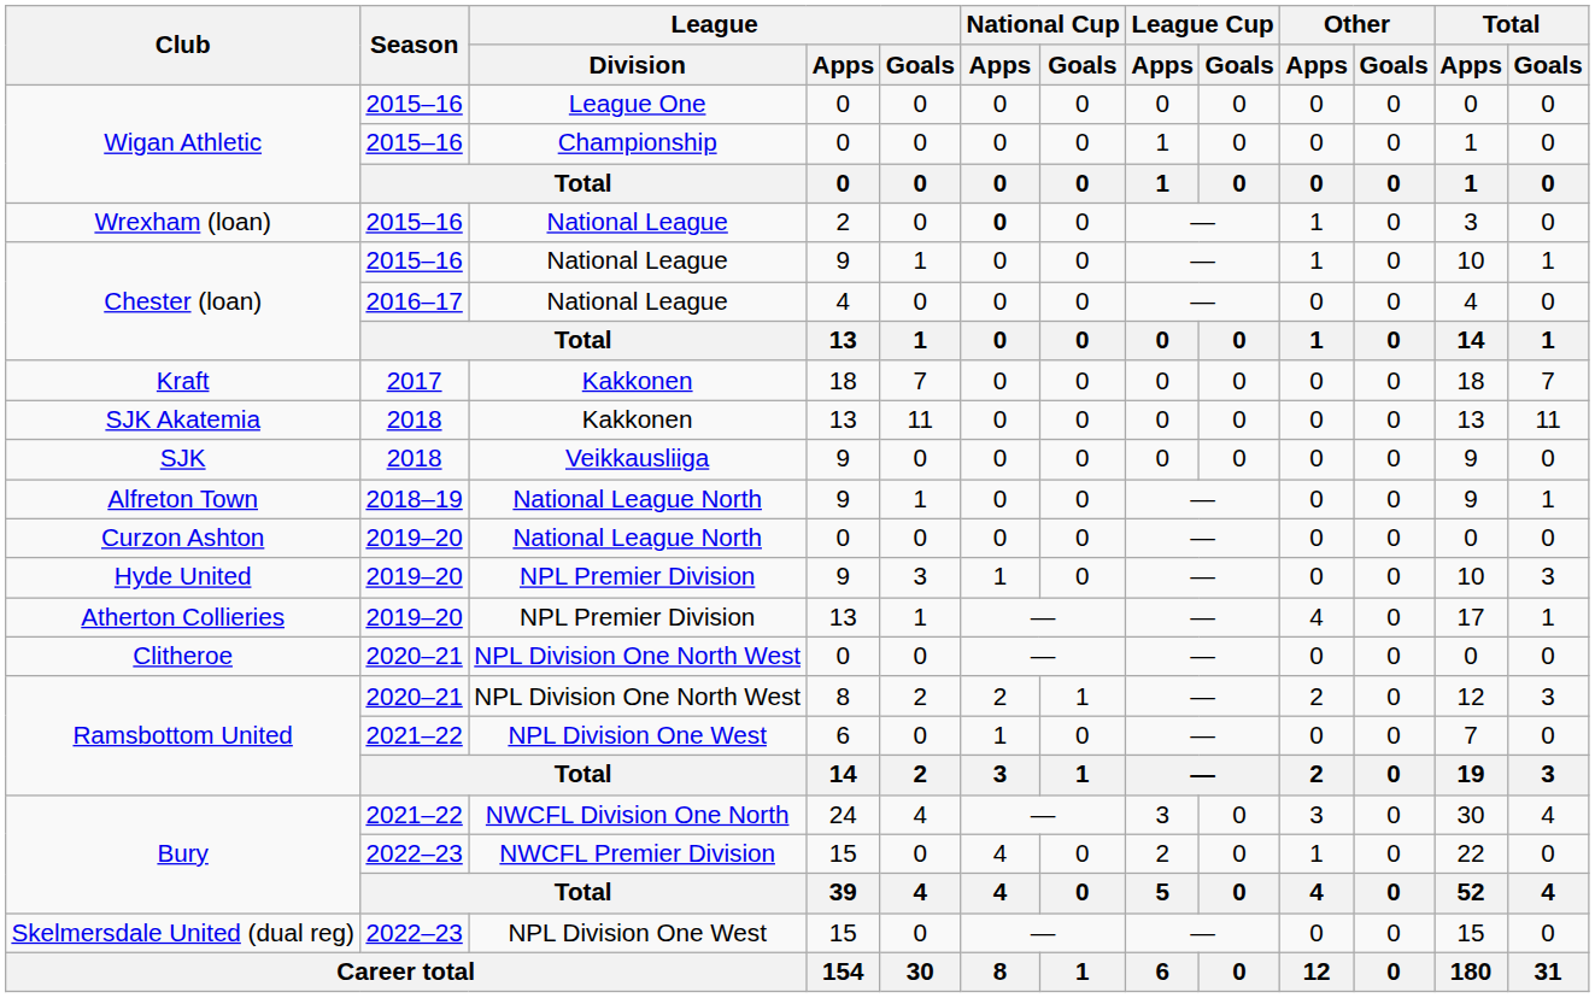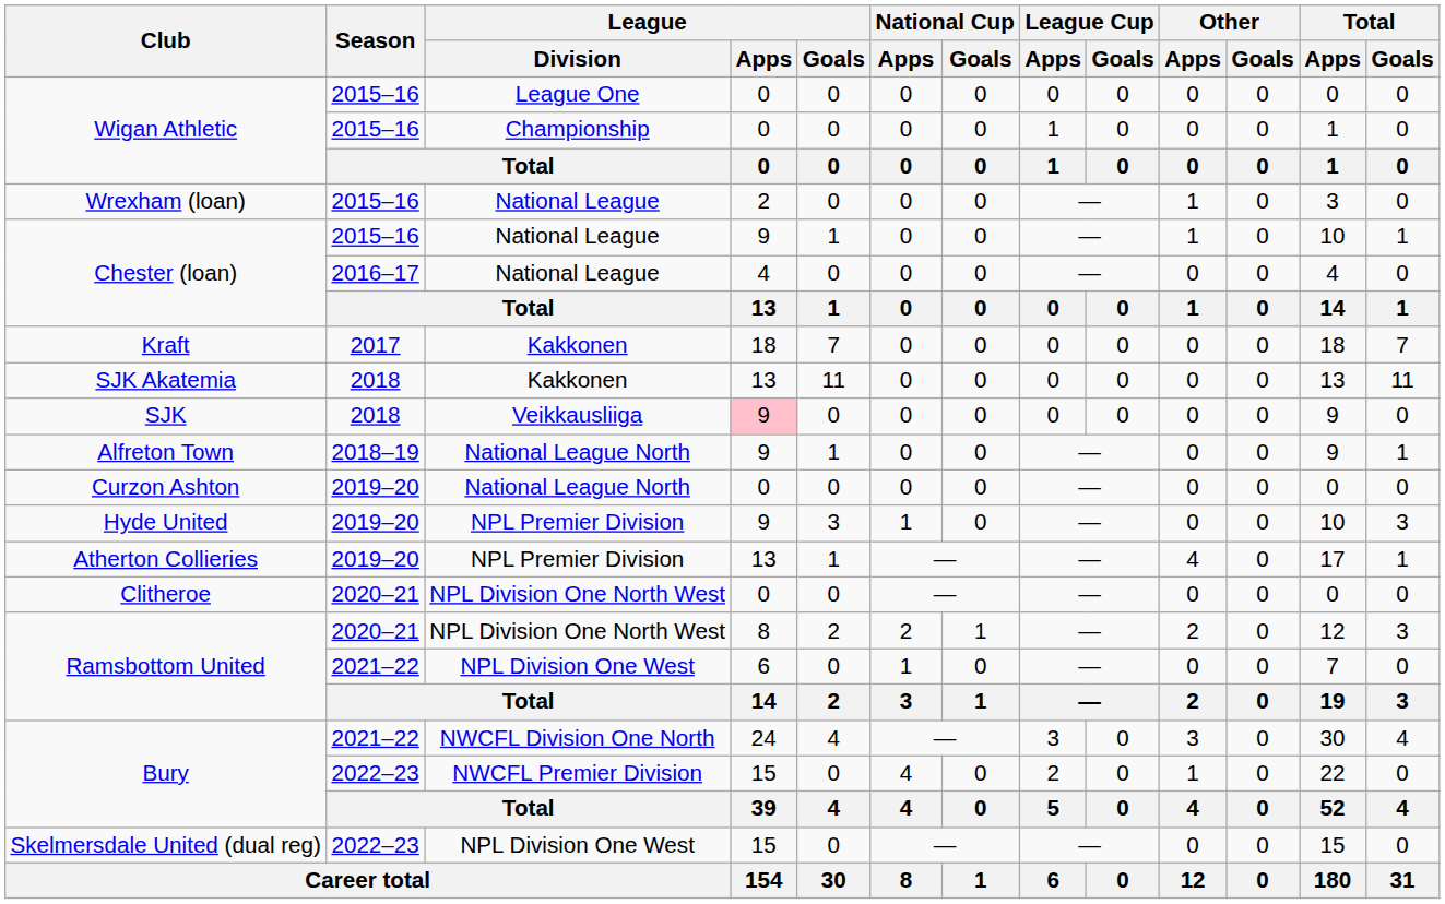 <table class="wikitable" style="text-align:center;">
 <tr>
 <th rowspan="2">Club</th>
 <th rowspan="2">Season</th>
 <th colspan="3">League</th>
 <th colspan="2">National Cup</th>
 <th colspan="2">League Cup</th>
 <th colspan="2">Other</th>
 <th colspan="2">Total</th>
 </tr>
 <tr>
 <th>Division</th>
 <th>Apps</th>
 <th>Goals</th>
 <th>Apps</th>
 <th>Goals</th>
 <th>Apps</th>
 <th>Goals</th>
 <th>Apps</th>
 <th>Goals</th>
 <th>Apps</th>
 <th>Goals</th>
 </tr>
 <tr>
 <td rowspan="3"><a href='#'>Wigan Athletic</a></td>
 <td><a href='#'>2015–16</a></td>
 <td><a href='#'>League One</a></td>
 <td>0</td>
 <td>0</td>
 <td>0</td>
 <td>0</td>
 <td>0</td>
 <td>0</td>
 <td>0</td>
 <td>0</td>
 <td>0</td>
 <td>0</td>
 </tr>
 <tr>
 <td><a href='#'>2015–16</a></td>
 <td><a href='#'>Championship</a></td>
 <td>0</td>
 <td>0</td>
 <td>0</td>
 <td>0</td>
 <td>1</td>
 <td>0</td>
 <td>0</td>
 <td>0</td>
 <td>1</td>
 <td>0</td>
 </tr>
 <tr>
 <th colspan=2>Total</th>
 <th>0</th>
 <th>0</th>
 <th>0</th>
 <th>0</th>
 <th>1</th>
 <th>0</th>
 <th>0</th>
 <th>0</th>
 <th>1</th>
 <th>0</th>
 </tr>
 <tr>
 <td><a href='#'>Wrexham</a> (loan)</td>
 <td><a href='#'>2015–16</a></td>
 <td><a href='#'>National League</a></td>
 <td>2</td>
 <td>0</td>
-<td><strong>0</strong></td>
+<td>0</td>
 <td>0</td>
 <td colspan="2">—</td>
 <td>1</td>
 <td>0</td>
 <td>3</td>
 <td>0</td>
 </tr>
 <tr>
 <td rowspan="3"><a href='#'>Chester</a> (loan)</td>
 <td><a href='#'>2015–16</a></td>
 <td>National League</td>
 <td>9</td>
 <td>1</td>
 <td>0</td>
 <td>0</td>
 <td colspan="2">—</td>
 <td>1</td>
 <td>0</td>
 <td>10</td>
 <td>1</td>
 </tr>
 <tr>
 <td><a href='#'>2016–17</a></td>
 <td>National League</td>
 <td>4</td>
 <td>0</td>
 <td>0</td>
 <td>0</td>
 <td colspan="2">—</td>
 <td>0</td>
 <td>0</td>
 <td>4</td>
 <td>0</td>
 </tr>
 <tr>
 <th colspan=2>Total</th>
 <th>13</th>
 <th>1</th>
 <th>0</th>
 <th>0</th>
 <th>0</th>
 <th>0</th>
 <th>1</th>
 <th>0</th>
 <th>14</th>
 <th>1</th>
 </tr>
 <tr>
 <td><a href='#'>Kraft</a></td>
 <td><a href='#'>2017</a></td>
 <td><a href='#'>Kakkonen</a></td>
 <td>18</td>
 <td>7</td>
 <td>0</td>
 <td>0</td>
 <td>0</td>
 <td>0</td>
 <td>0</td>
 <td>0</td>
 <td>18</td>
 <td>7</td>
 </tr>
 <tr>
 <td><a href='#'>SJK Akatemia</a></td>
 <td><a href='#'>2018</a></td>
 <td>Kakkonen</td>
 <td>13</td>
 <td>11</td>
 <td>0</td>
 <td>0</td>
 <td>0</td>
 <td>0</td>
 <td>0</td>
 <td>0</td>
 <td>13</td>
 <td>11</td>
 </tr>
 <tr>
 <td><a href='#'>SJK</a></td>
 <td><a href='#'>2018</a></td>
 <td><a href='#'>Veikkausliiga</a></td>
-<td>9</td>
+<td style="background: pink;">9</td>
 <td>0</td>
 <td>0</td>
 <td>0</td>
 <td>0</td>
 <td>0</td>
 <td>0</td>
 <td>0</td>
 <td>9</td>
 <td>0</td>
 </tr>
 <tr>
 <td><a href='#'>Alfreton Town</a></td>
 <td><a href='#'>2018–19</a></td>
 <td><a href='#'>National League North</a></td>
 <td>9</td>
 <td>1</td>
 <td>0</td>
 <td>0</td>
 <td colspan="2">—</td>
 <td>0</td>
 <td>0</td>
 <td>9</td>
 <td>1</td>
 </tr>
 <tr>
 <td><a href='#'>Curzon Ashton</a></td>
 <td><a href='#'>2019–20</a></td>
 <td><a href='#'>National League North</a></td>
 <td>0</td>
 <td>0</td>
 <td>0</td>
 <td>0</td>
 <td colspan="2">—</td>
 <td>0</td>
 <td>0</td>
 <td>0</td>
 <td>0</td>
 </tr>
 <tr>
 <td><a href='#'>Hyde United</a></td>
 <td><a href='#'>2019–20</a></td>
 <td><a href='#'>NPL Premier Division</a></td>
 <td>9</td>
 <td>3</td>
 <td>1</td>
 <td>0</td>
 <td colspan="2">—</td>
 <td>0</td>
 <td>0</td>
 <td>10</td>
 <td>3</td>
 </tr>
 <tr>
 <td><a href='#'>Atherton Collieries</a></td>
 <td><a href='#'>2019–20</a></td>
 <td>NPL Premier Division</td>
 <td>13</td>
 <td>1</td>
 <td colspan="2">—</td>
 <td colspan="2">—</td>
 <td>4</td>
 <td>0</td>
 <td>17</td>
 <td>1</td>
 </tr>
 <tr>
 <td><a href='#'>Clitheroe</a></td>
 <td><a href='#'>2020–21</a></td>
 <td><a href='#'>NPL Division One North West</a></td>
 <td>0</td>
 <td>0</td>
 <td colspan="2">—</td>
 <td colspan="2">—</td>
 <td>0</td>
 <td>0</td>
 <td>0</td>
 <td>0</td>
 </tr>
 <tr>
 <td rowspan="3"><a href='#'>Ramsbottom United</a></td>
 <td><a href='#'>2020–21</a></td>
 <td>NPL Division One North West</td>
 <td>8</td>
 <td>2</td>
 <td>2</td>
 <td>1</td>
 <td colspan="2">—</td>
 <td>2</td>
 <td>0</td>
 <td>12</td>
 <td>3</td>
 </tr>
 <tr>
 <td><a href='#'>2021–22</a></td>
 <td><a href='#'>NPL Division One West</a></td>
 <td>6</td>
 <td>0</td>
 <td>1</td>
 <td>0</td>
 <td colspan="2">—</td>
 <td>0</td>
 <td>0</td>
 <td>7</td>
 <td>0</td>
 </tr>
 <tr>
 <th colspan=2>Total</th>
 <th>14</th>
 <th>2</th>
 <th>3</th>
 <th>1</th>
 <th colspan="2">—</th>
 <th>2</th>
 <th>0</th>
 <th>19</th>
 <th>3</th>
 </tr>
 <tr>
 <td rowspan="3"><a href='#'>Bury</a></td>
 <td><a href='#'>2021–22</a></td>
 <td><a href='#'>NWCFL Division One North</a></td>
 <td>24</td>
 <td>4</td>
 <td colspan="2">—</td>
 <td>3</td>
 <td>0</td>
 <td>3</td>
 <td>0</td>
 <td>30</td>
 <td>4</td>
 </tr>
 <tr>
 <td><a href='#'>2022–23</a></td>
 <td><a href='#'>NWCFL Premier Division</a></td>
 <td>15</td>
 <td>0</td>
 <td>4</td>
 <td>0</td>
 <td>2</td>
 <td>0</td>
 <td>1</td>
 <td>0</td>
 <td>22</td>
 <td>0</td>
 </tr>
 <tr>
 <th colspan=2>Total</th>
 <th>39</th>
 <th>4</th>
 <th>4</th>
 <th>0</th>
 <th>5</th>
 <th>0</th>
 <th>4</th>
 <th>0</th>
 <th>52</th>
 <th>4</th>
 </tr>
 <tr>
 <td><a href='#'>Skelmersdale United</a> (dual reg)</td>
 <td><a href='#'>2022–23</a></td>
 <td>NPL Division One West</td>
 <td>15</td>
 <td>0</td>
 <td colspan="2">—</td>
 <td colspan="2">—</td>
 <td>0</td>
 <td>0</td>
 <td>15</td>
 <td>0</td>
 </tr>
 <tr>
 <th colspan="3">Career total</th>
 <th>154</th>
 <th>30</th>
 <th>8</th>
 <th>1</th>
 <th>6</th>
 <th>0</th>
 <th>12</th>
 <th>0</th>
 <th>180</th>
 <th>31</th>
 </tr>
 </table>
